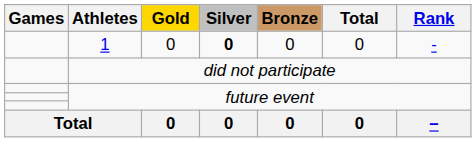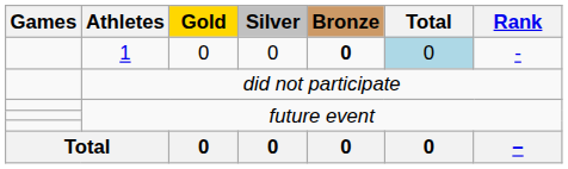 <table class="wikitable" style="text-align:center; font-size:90%;">
 <tr>
 <th>Games</th>
 <th>Athletes</th>
 <td style="background:gold; width:3.0em; font-weight:bold;">Gold</td>
 <td style="background:silver; width:3.0em; font-weight:bold;">Silver</td>
 <td style="background:#cc9966; width:3.0em; font-weight:bold;">Bronze</td>
 <th style="width:4em; font-weight:bold;">Total</th>
 <th style="width:4em; font-weight:bold;"><a href='#'>Rank</a></th>
 </tr>
 <tr>
 <td align=left></td>
 <td><a href='#'>1</a></td>
 <td>0</td>
+<td>0</td>
 <td><strong>0</strong></td>
-<td>0</td>
-<td>0</td>
+<td style="background: lightblue;">0</td>
 <td><a href='#'>-</a></td>
 </tr>
 <tr>
 <td align=left></td>
 <td colspan=6><em>did not participate</em></td>
 </tr>
 <tr>
 <td align=left></td>
 <td rowspan=3 colspan=6><em>future event</em></td>
 </tr>
 <tr>
 <td align=left></td>
 </tr>
 <tr>
 <td align=left></td>
 </tr>
 <tr>
 <th colspan=2>Total</th>
 <th>0</th>
 <th>0</th>
 <th>0</th>
 <th>0</th>
 <th><a href='#'>–</a></th>
 </tr>
 </table>
